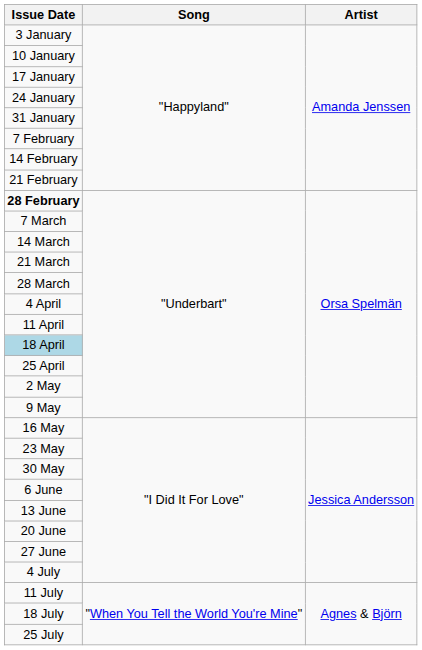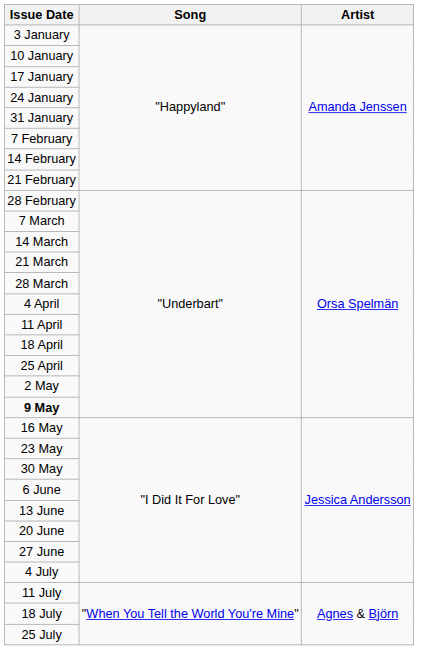 <table class="wikitable" style="font-size:97%; text-align:center;">
 <tr>
 <th>Issue Date</th>
 <th>Song</th>
 <th>Artist</th>
 </tr>
 <tr>
 <td>3 January</td>
 <td rowspan="8">"Happyland"</td>
 <td rowspan="8"><a href='#'>Amanda Jenssen</a></td>
 </tr>
 <tr>
 <td>10 January</td>
 </tr>
 <tr>
 <td>17 January</td>
 </tr>
 <tr>
 <td>24 January</td>
 </tr>
 <tr>
 <td>31 January</td>
 </tr>
 <tr>
 <td>7 February</td>
 </tr>
 <tr>
 <td>14 February</td>
 </tr>
 <tr>
 <td>21 February</td>
 </tr>
 <tr>
-<td><strong>28 February</strong></td>
+<td>28 February</td>
 <td rowspan="11">"Underbart"</td>
 <td rowspan="11"><a href='#'>Orsa Spelmän</a></td>
 </tr>
 <tr>
 <td>7 March</td>
 </tr>
 <tr>
 <td>14 March</td>
 </tr>
 <tr>
 <td>21 March</td>
 </tr>
 <tr>
 <td>28 March</td>
 </tr>
 <tr>
 <td>4 April</td>
 </tr>
 <tr>
 <td>11 April</td>
 </tr>
 <tr>
-<td style="background: lightblue;">18 April</td>
+<td>18 April</td>
 </tr>
 <tr>
 <td>25 April</td>
 </tr>
 <tr>
 <td>2 May</td>
 </tr>
 <tr>
-<td>9 May</td>
+<td><strong>9 May</strong></td>
 </tr>
 <tr>
 <td>16 May</td>
 <td rowspan="8">"I Did It For Love"</td>
 <td rowspan="8"><a href='#'>Jessica Andersson</a></td>
 </tr>
 <tr>
 <td>23 May</td>
 </tr>
 <tr>
 <td>30 May</td>
 </tr>
 <tr>
 <td>6 June</td>
 </tr>
 <tr>
 <td>13 June</td>
 </tr>
 <tr>
 <td>20 June</td>
 </tr>
 <tr>
 <td>27 June</td>
 </tr>
 <tr>
 <td>4 July</td>
 </tr>
 <tr>
 <td>11 July</td>
 <td rowspan="3">"<a href='#'>When You Tell the World You're Mine</a>"</td>
 <td rowspan="3"><a href='#'>Agnes</a> & <a href='#'>Björn</a></td>
 </tr>
 <tr>
 <td>18 July</td>
 </tr>
 <tr>
 <td>25 July</td>
 </tr>
 </table>
